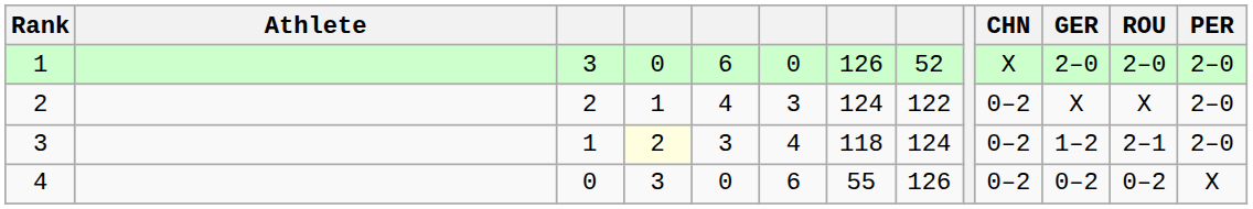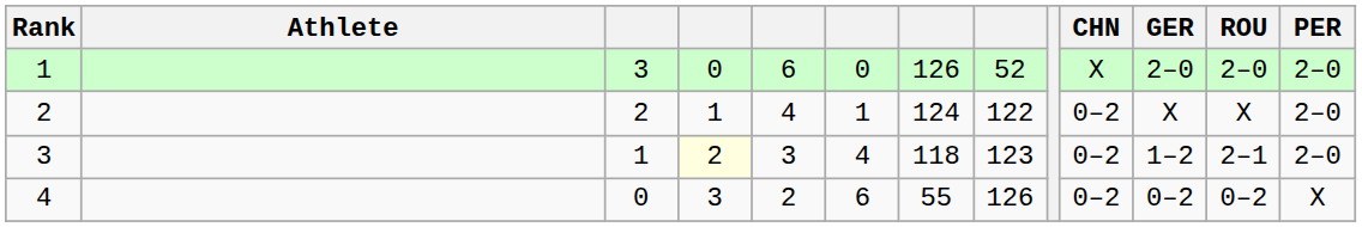 <table class="wikitable" style="text-align:center">
 <tr>
 <th>Rank</th>
 <th width=250>Athlete</th>
 <th width=30></th>
 <th width=30></th>
 <th width=30></th>
 <th width=30></th>
 <th width=30></th>
 <th width=30></th>
 <th rowspan=5></th>
 <th width=30>CHN</th>
 <th width=30>GER</th>
 <th width=30>ROU</th>
 <th width=30>PER</th>
 </tr>
 <tr style="background-color:#ccffcc;">
 <td>1</td>
 <td align=left></td>
 <td>3</td>
 <td>0</td>
 <td>6</td>
 <td>0</td>
 <td>126</td>
 <td>52</td>
 <td>X</td>
 <td>2–0</td>
 <td>2–0</td>
 <td>2–0</td>
 </tr>
 <tr>
 <td>2</td>
 <td align=left></td>
 <td>2</td>
 <td>1</td>
 <td>4</td>
-<td>3</td>
+<td>1</td>
 <td>124</td>
 <td>122</td>
 <td>0–2</td>
 <td>X</td>
 <td>X</td>
 <td>2–0</td>
 </tr>
 <tr>
 <td>3</td>
 <td align=left></td>
 <td>1</td>
 <td style="background: lightyellow;">2</td>
 <td>3</td>
 <td>4</td>
 <td>118</td>
-<td>124</td>
+<td>123</td>
 <td>0–2</td>
 <td>1–2</td>
 <td>2–1</td>
 <td>2–0</td>
 </tr>
 <tr>
 <td>4</td>
 <td align=left></td>
 <td>0</td>
 <td>3</td>
-<td>0</td>
+<td>2</td>
 <td>6</td>
 <td>55</td>
 <td>126</td>
 <td>0–2</td>
 <td>0–2</td>
 <td>0–2</td>
 <td>X</td>
 </tr>
 </table>
